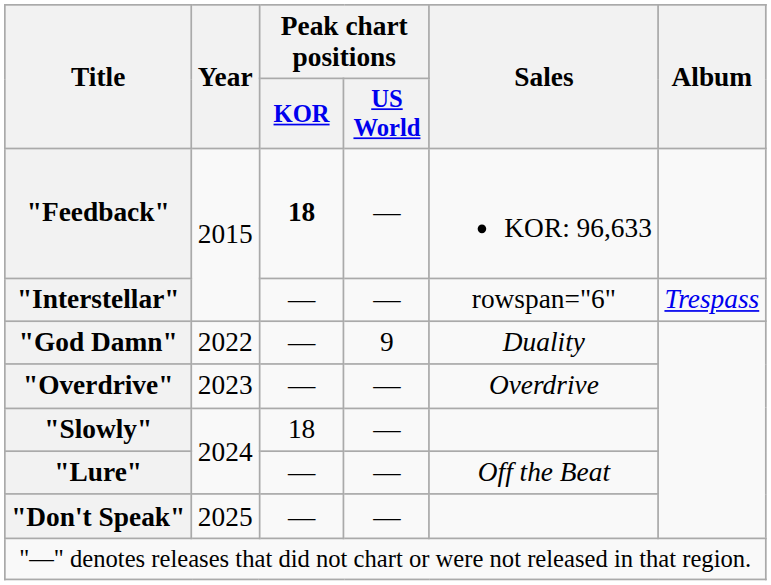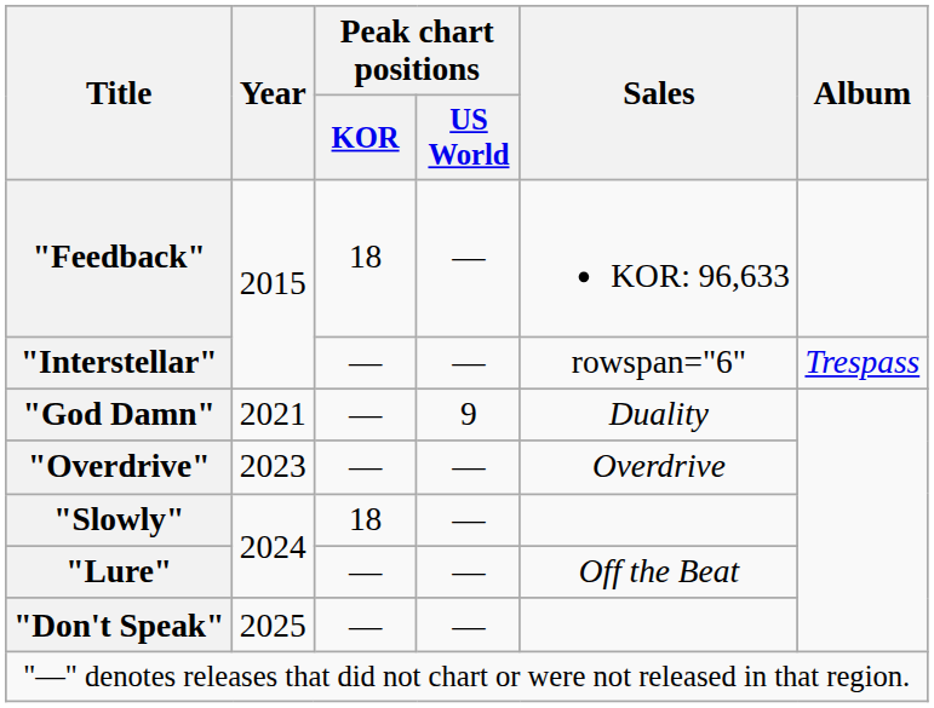 <table class="wikitable plainrowheaders" style="text-align:center;">
 <tr>
 <th scope="col" rowspan="2">Title</th>
 <th scope="col" rowspan="2">Year</th>
 <th scope="col" colspan="2">Peak chart positions</th>
 <th scope="col" rowspan="2">Sales</th>
 <th scope="col" rowspan="2">Album</th>
 </tr>
 <tr>
 <th scope="col" style="width:3em;font-size:90%;"><a href='#'>KOR</a><br></th>
 <th scope="col" style="width:3em;font-size:90%;"><a href='#'>US<br>World</a><br></th>
 </tr>
 <tr>
 <th scope="row">"Feedback" <br></th>
 <td rowspan="2">2015</td>
-<td><strong>18</strong></td>
+<td>18</td>
 <td>—</td>
 <td><br><ul><li>KOR: 96,633</li></ul></td>
 <td></td>
 </tr>
 <tr>
 <th scope="row">"Interstellar" <br></th>
 <td>—</td>
 <td>—</td>
 <td>rowspan="6" </td>
 <td><em><a href='#'>Trespass</a></em></td>
 </tr>
 <tr>
 <th scope="row">"God Damn"</th>
-<td>2022</td>
+<td>2021</td>
 <td>—</td>
 <td>9</td>
 <td><em>Duality</em></td>
 </tr>
 <tr>
 <th scope="row">"Overdrive"</th>
 <td>2023</td>
 <td>—</td>
 <td>—</td>
 <td><em>Overdrive</em></td>
 </tr>
 <tr>
 <th scope="row">"Slowly" <br></th>
 <td rowspan="2">2024</td>
 <td>18</td>
 <td>—</td>
 <td></td>
 </tr>
 <tr>
 <th scope="row">"Lure"</th>
 <td>—</td>
 <td>—</td>
 <td><em>Off the Beat</em></td>
 </tr>
 <tr>
 <th scope="row">"Don't Speak"</th>
 <td>2025</td>
 <td>—</td>
 <td>—</td>
 <td></td>
 </tr>
 <tr>
 <td colspan="6" style="font-size:90%">"—" denotes releases that did not chart or were not released in that region.</td>
 </tr>
 </table>
